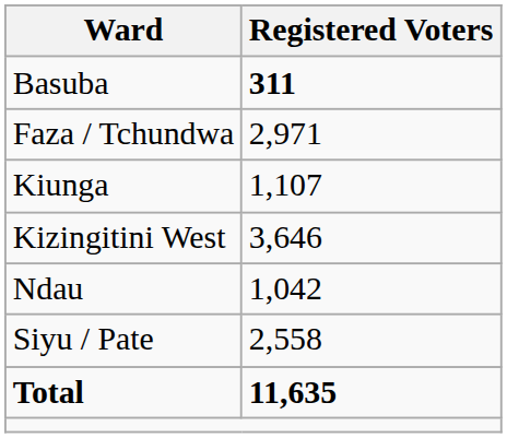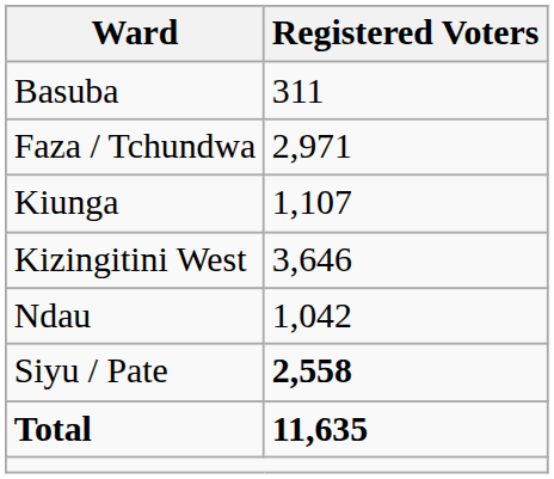 <table class="wikitable">
 <tr>
 <th>Ward</th>
 <th>Registered Voters</th>
 </tr>
 <tr>
 <td>Basuba</td>
-<td><strong>311</strong></td>
+<td>311</td>
 </tr>
 <tr>
 <td>Faza / Tchundwa</td>
 <td>2,971</td>
 </tr>
 <tr>
 <td>Kiunga</td>
 <td>1,107</td>
 </tr>
 <tr>
 <td>Kizingitini West</td>
 <td>3,646</td>
 </tr>
 <tr>
 <td>Ndau</td>
 <td>1,042</td>
 </tr>
 <tr>
 <td>Siyu / Pate</td>
-<td>2,558</td>
+<td><strong>2,558</strong></td>
 </tr>
 <tr>
 <td><strong>Total</strong></td>
 <td><strong>11,635</strong></td>
 </tr>
 <tr>
 <td colspan="2"></td>
 </tr>
 </table>
